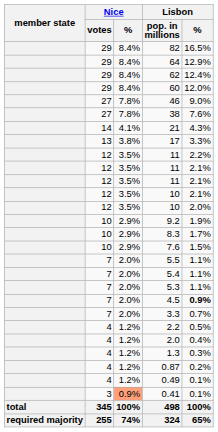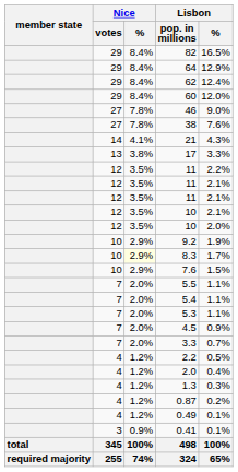 <table class="wikitable" style="float:right; font-size:90%; white-space:nowrap; margin-left:10px; clear:right;">
 <tr>
 <th rowspan="2">member state</th>
 <th colspan="2"><a href='#'>Nice</a></th>
 <th colspan="2">Lisbon</th>
 </tr>
 <tr>
 <th style="line-height:95%">votes</th>
 <th style="line-height:95%">%</th>
 <th style="line-height:95%">pop. in<br>millions</th>
 <th style="line-height:95%">%</th>
 </tr>
 <tr>
 <th style="line-height:95%; text-align:left"></th>
 <td style="line-height:95%; text-align:right">29</td>
 <td style="line-height:95%; text-align:right">8.4%</td>
 <td style="line-height:95%; text-align:right">82</td>
 <td style="line-height:95%; text-align:right">16.5%</td>
 </tr>
 <tr>
 <th style="line-height:95%; text-align:left"></th>
 <td style="line-height:95%; text-align:right">29</td>
 <td style="line-height:95%; text-align:right">8.4%</td>
 <td style="line-height:95%; text-align:right">64</td>
 <td style="line-height:95%; text-align:right">12.9%</td>
 </tr>
 <tr>
 <th style="line-height:95%; text-align:left"></th>
 <td style="line-height:95%; text-align:right">29</td>
 <td style="line-height:95%; text-align:right">8.4%</td>
 <td style="line-height:95%; text-align:right">62</td>
 <td style="line-height:95%; text-align:right">12.4%</td>
 </tr>
 <tr>
 <th style="line-height:95%; text-align:left"></th>
 <td style="line-height:95%; text-align:right">29</td>
 <td style="line-height:95%; text-align:right">8.4%</td>
 <td style="line-height:95%; text-align:right">60</td>
 <td style="line-height:95%; text-align:right">12.0%</td>
 </tr>
 <tr>
 <th style="line-height:95%; text-align:left"></th>
 <td style="line-height:95%; text-align:right">27</td>
 <td style="line-height:95%; text-align:right">7.8%</td>
 <td style="line-height:95%; text-align:right">46</td>
 <td style="line-height:95%; text-align:right">9.0%</td>
 </tr>
 <tr>
 <th style="line-height:95%; text-align:left"></th>
 <td style="line-height:95%; text-align:right">27</td>
 <td style="line-height:95%; text-align:right">7.8%</td>
 <td style="line-height:95%; text-align:right">38</td>
 <td style="line-height:95%; text-align:right">7.6%</td>
 </tr>
 <tr>
 <th style="line-height:95%; text-align:left"></th>
 <td style="line-height:95%; text-align:right">14</td>
 <td style="line-height:95%; text-align:right">4.1%</td>
 <td style="line-height:95%; text-align:right">21</td>
 <td style="line-height:95%; text-align:right">4.3%</td>
 </tr>
 <tr>
 <th style="line-height:95%; text-align:left"></th>
 <td style="line-height:95%; text-align:right">13</td>
 <td style="line-height:95%; text-align:right">3.8%</td>
 <td style="line-height:95%; text-align:right">17</td>
 <td style="line-height:95%; text-align:right">3.3%</td>
 </tr>
 <tr>
 <th style="line-height:95%; text-align:left"></th>
 <td style="line-height:95%; text-align:right">12</td>
 <td style="line-height:95%; text-align:right">3.5%</td>
 <td style="line-height:95%; text-align:right">11</td>
 <td style="line-height:95%; text-align:right">2.2%</td>
 </tr>
 <tr>
 <th style="line-height:95%; text-align:left"></th>
 <td style="line-height:95%; text-align:right">12</td>
 <td style="line-height:95%; text-align:right">3.5%</td>
 <td style="line-height:95%; text-align:right">11</td>
 <td style="line-height:95%; text-align:right">2.1%</td>
 </tr>
 <tr>
 <th style="line-height:95%; text-align:left"></th>
 <td style="line-height:95%; text-align:right">12</td>
 <td style="line-height:95%; text-align:right">3.5%</td>
 <td style="line-height:95%; text-align:right">11</td>
 <td style="line-height:95%; text-align:right">2.1%</td>
 </tr>
 <tr>
 <th style="line-height:95%; text-align:left"></th>
 <td style="line-height:95%; text-align:right">12</td>
 <td style="line-height:95%; text-align:right">3.5%</td>
 <td style="line-height:95%; text-align:right">10</td>
 <td style="line-height:95%; text-align:right">2.1%</td>
 </tr>
 <tr>
 <th style="line-height:95%; text-align:left"></th>
 <td style="line-height:95%; text-align:right">12</td>
 <td style="line-height:95%; text-align:right">3.5%</td>
 <td style="line-height:95%; text-align:right">10</td>
 <td style="line-height:95%; text-align:right">2.0%</td>
 </tr>
 <tr>
 <th style="line-height:95%; text-align:left"></th>
 <td style="line-height:95%; text-align:right">10</td>
 <td style="line-height:95%; text-align:right">2.9%</td>
 <td style="line-height:95%; text-align:right">9.2</td>
 <td style="line-height:95%; text-align:right">1.9%</td>
 </tr>
 <tr>
 <th style="line-height:95%; text-align:left"></th>
 <td style="line-height:95%; text-align:right">10</td>
-<td style="line-height:95%; text-align:right">2.9%</td>
+<td style="background: lightyellow; line-height:95%; text-align:right">2.9%</td>
 <td style="line-height:95%; text-align:right">8.3</td>
 <td style="line-height:95%; text-align:right">1.7%</td>
 </tr>
 <tr>
 <th style="line-height:95%; text-align:left"></th>
 <td style="line-height:95%; text-align:right">10</td>
 <td style="line-height:95%; text-align:right">2.9%</td>
 <td style="line-height:95%; text-align:right">7.6</td>
 <td style="line-height:95%; text-align:right">1.5%</td>
 </tr>
 <tr>
 <th style="line-height:95%; text-align:left"></th>
 <td style="line-height:95%; text-align:right">7</td>
 <td style="line-height:95%; text-align:right">2.0%</td>
 <td style="line-height:95%; text-align:right">5.5</td>
 <td style="line-height:95%; text-align:right">1.1%</td>
 </tr>
 <tr>
 <th style="line-height:95%; text-align:left"></th>
 <td style="line-height:95%; text-align:right">7</td>
 <td style="line-height:95%; text-align:right">2.0%</td>
 <td style="line-height:95%; text-align:right">5.4</td>
 <td style="line-height:95%; text-align:right">1.1%</td>
 </tr>
 <tr>
 <th style="line-height:95%; text-align:left"></th>
 <td style="line-height:95%; text-align:right">7</td>
 <td style="line-height:95%; text-align:right">2.0%</td>
 <td style="line-height:95%; text-align:right">5.3</td>
 <td style="line-height:95%; text-align:right">1.1%</td>
 </tr>
 <tr>
 <th style="line-height:95%; text-align:left"></th>
 <td style="line-height:95%; text-align:right">7</td>
 <td style="line-height:95%; text-align:right">2.0%</td>
 <td style="line-height:95%; text-align:right">4.5</td>
-<td style="line-height:95%; text-align:right"><strong>0.9%</strong></td>
+<td style="line-height:95%; text-align:right">0.9%</td>
 </tr>
 <tr>
 <th style="line-height:95%; text-align:left"></th>
 <td style="line-height:95%; text-align:right">7</td>
 <td style="line-height:95%; text-align:right">2.0%</td>
 <td style="line-height:95%; text-align:right">3.3</td>
 <td style="line-height:95%; text-align:right">0.7%</td>
 </tr>
 <tr>
 <th style="line-height:95%; text-align:left"></th>
 <td style="line-height:95%; text-align:right">4</td>
 <td style="line-height:95%; text-align:right">1.2%</td>
 <td style="line-height:95%; text-align:right">2.2</td>
 <td style="line-height:95%; text-align:right">0.5%</td>
 </tr>
 <tr>
 <th style="line-height:95%; text-align:left"></th>
 <td style="line-height:95%; text-align:right">4</td>
 <td style="line-height:95%; text-align:right">1.2%</td>
 <td style="line-height:95%; text-align:right">2.0</td>
 <td style="line-height:95%; text-align:right">0.4%</td>
 </tr>
 <tr>
 <th style="line-height:95%; text-align:left"></th>
 <td style="line-height:95%; text-align:right">4</td>
 <td style="line-height:95%; text-align:right">1.2%</td>
 <td style="line-height:95%; text-align:right">1.3</td>
 <td style="line-height:95%; text-align:right">0.3%</td>
 </tr>
 <tr>
 <th style="line-height:95%; text-align:left"></th>
 <td style="line-height:95%; text-align:right">4</td>
 <td style="line-height:95%; text-align:right">1.2%</td>
 <td style="line-height:95%; text-align:right">0.87</td>
 <td style="line-height:95%; text-align:right">0.2%</td>
 </tr>
 <tr>
 <th style="line-height:95%; text-align:left"></th>
 <td style="line-height:95%; text-align:right">4</td>
 <td style="line-height:95%; text-align:right">1.2%</td>
 <td style="line-height:95%; text-align:right">0.49</td>
 <td style="line-height:95%; text-align:right">0.1%</td>
 </tr>
 <tr>
 <th style="line-height:95%; text-align:left"></th>
 <td style="line-height:95%; text-align:right">3</td>
-<td style="background: lightsalmon; line-height:95%; text-align:right">0.9%</td>
+<td style="line-height:95%; text-align:right">0.9%</td>
 <td style="line-height:95%; text-align:right">0.41</td>
 <td style="line-height:95%; text-align:right">0.1%</td>
 </tr>
 <tr>
 <th style="line-height:95%; text-align:left">total</th>
 <th style="line-height:95%; text-align:right">345</th>
 <th style="line-height:95%; text-align:right">100%</th>
 <th style="line-height:95%; text-align:right">498</th>
 <th style="line-height:95%; text-align:right">100%</th>
 </tr>
 <tr>
 <th style="line-height:95%; text-align:left">required majority</th>
 <th style="line-height:95%; text-align:right">255</th>
 <th style="line-height:95%; text-align:right">74%</th>
 <th style="line-height:95%; text-align:right">324</th>
 <th style="line-height:95%; text-align:right">65%</th>
 </tr>
 </table>
